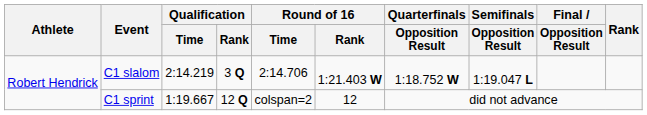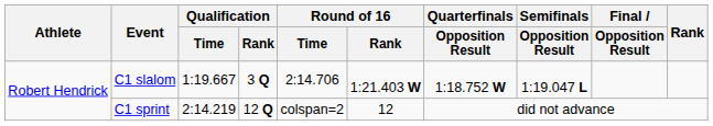 <table class="wikitable" style="font-size:90%;">
 <tr>
 <th rowspan=2>Athlete</th>
 <th rowspan=2>Event</th>
 <th colspan=2>Qualification</th>
 <th colspan=2>Round of 16</th>
 <th>Quarterfinals</th>
 <th>Semifinals</th>
 <th>Final / </th>
 <th rowspan=2>Rank</th>
 </tr>
 <tr style="font-size:95%">
 <th>Time</th>
 <th>Rank</th>
 <th>Time</th>
 <th>Rank</th>
 <th>Opposition <br>Result</th>
 <th>Opposition <br>Result</th>
 <th>Opposition <br>Result</th>
 </tr>
 <tr align=center>
 <td rowspan=2 align=left><a href='#'>Robert Hendrick</a></td>
 <td align=left><a href='#'>C1 slalom</a></td>
-<td>2:14.219</td>
+<td>1:19.667</td>
 <td>3 <strong>Q</strong></td>
 <td>2:14.706</td>
 <td> <br> 1:21.403 <strong>W</strong></td>
 <td> <br> 1:18.752 <strong>W</strong></td>
 <td> <br> 1:19.047 <strong>L</strong></td>
 <td></td>
 </tr>
 <tr align=center>
 <td align=left><a href='#'>C1 sprint</a></td>
-<td>1:19.667</td>
+<td>2:14.219</td>
 <td>12 <strong>Q</strong></td>
 <td>colspan=2 </td>
 <td>12</td>
 <td colspan=4>did not advance</td>
 </tr>
 </table>
